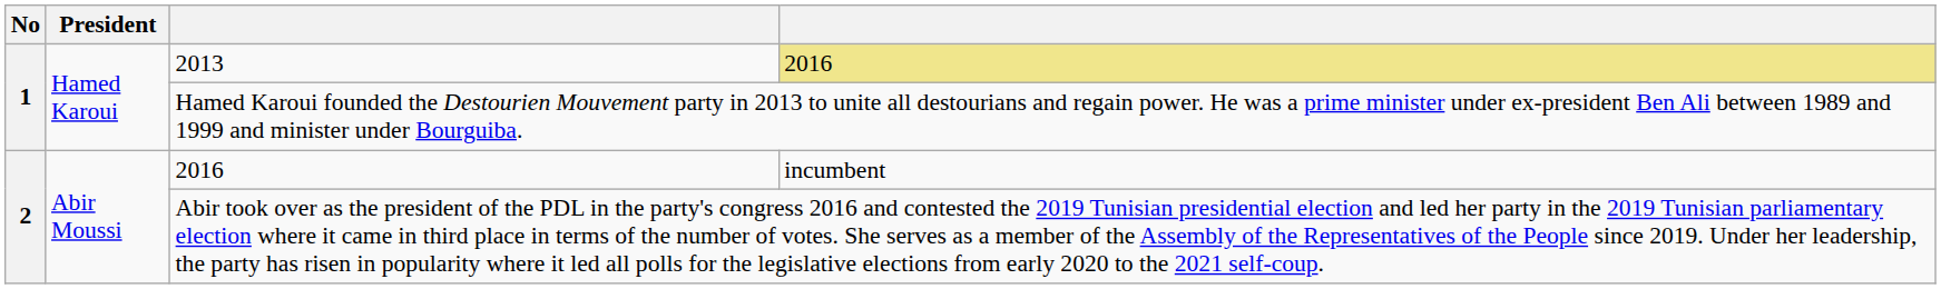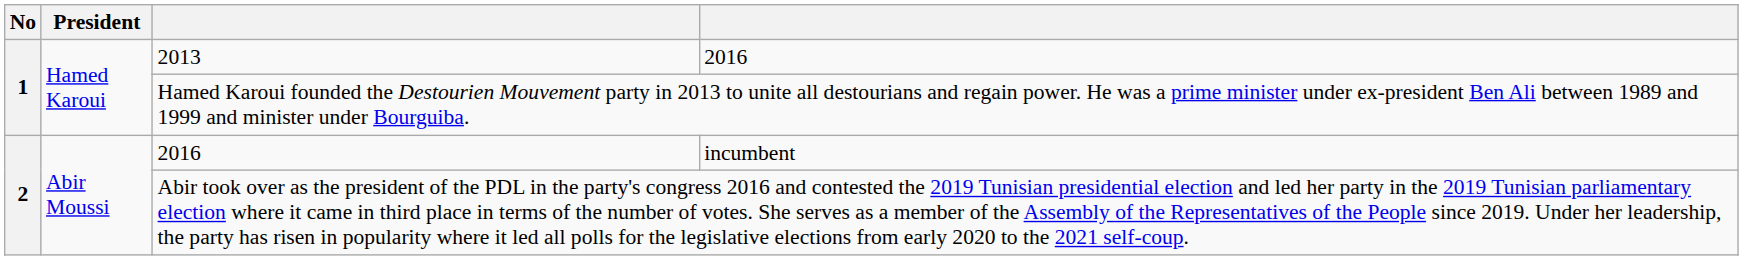 <table class="wikitable" style="font-size:97%; text-align:left;">
 <tr>
 <th>No</th>
 <th>President</th>
 <th></th>
 <th></th>
 </tr>
 <tr>
 <th rowspan="2">1</th>
 <td rowspan="2"><a href='#'>Hamed Karoui</a></td>
 <td>2013</td>
-<td style="background: khaki;">2016</td>
+<td>2016</td>
 </tr>
 <tr>
 <td colspan="2">Hamed Karoui founded the <em>Destourien Mouvement</em> party in 2013 to unite all destourians and regain power. He was a <a href='#'>prime minister</a> under ex-president <a href='#'>Ben Ali</a> between 1989 and 1999 and minister under <a href='#'>Bourguiba</a>.</td>
 </tr>
 <tr>
 <th rowspan="2">2</th>
 <td rowspan="2"><a href='#'>Abir Moussi</a></td>
 <td>2016</td>
 <td>incumbent</td>
 </tr>
 <tr>
 <td colspan="2">Abir took over as the president of the PDL in the party's congress 2016 and contested the <a href='#'>2019 Tunisian presidential election</a> and led her party in the <a href='#'>2019 Tunisian parliamentary election</a> where it came in third place in terms of the number of votes. She serves as a member of the <a href='#'>Assembly of the Representatives of the People</a> since 2019. Under her leadership, the party has risen in popularity where it led all polls for the legislative elections from early 2020 to the <a href='#'>2021 self-coup</a>.</td>
 </tr>
 </table>
